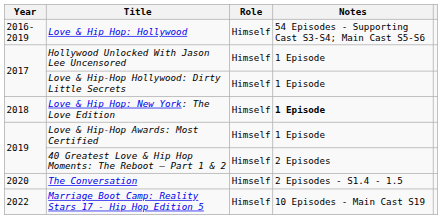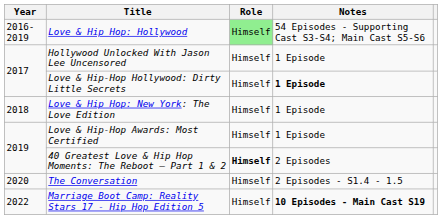 <table class="wikitable">
 <tr>
 <th scope="col">Year</th>
 <th scope="col">Title</th>
 <th scope="col">Role</th>
 <th scope="col">Notes</th>
 <th scope="col"></th>
 </tr>
 <tr>
 <td>2016-2019</td>
 <td><em><a href='#'>Love & Hip Hop: Hollywood</a></em></td>
-<td>Himself</td>
+<td style="background: lightgreen;">Himself</td>
 <td>54 Episodes - Supporting Cast S3-S4; Main Cast S5-S6</td>
 <td style="text-align: center;"></td>
 </tr>
 <tr>
 <td rowspan="2">2017</td>
 <td><em>Hollywood Unlocked With Jason Lee Uncensored</em></td>
 <td>Himself</td>
 <td>1 Episode</td>
 <td style="text-align: center;"></td>
 </tr>
 <tr>
 <td><em>Love & Hip-Hop Hollywood: Dirty Little Secrets</em></td>
 <td>Himself</td>
-<td>1 Episode</td>
+<td><strong>1 Episode</strong></td>
 <td style="text-align: center;"></td>
 </tr>
 <tr>
 <td>2018</td>
 <td><em><a href='#'>Love & Hip Hop: New York</a>: The Love Edition</em></td>
 <td>Himself</td>
-<td><strong>1 Episode</strong></td>
+<td>1 Episode</td>
 <td style="text-align: center;"></td>
 </tr>
 <tr>
 <td rowspan="2">2019</td>
 <td><em>Love & Hip-Hop Awards: Most Certified</em></td>
 <td>Himself</td>
 <td>1 Episode</td>
 <td style="text-align: center;"></td>
 </tr>
 <tr>
 <td><em>40 Greatest Love & Hip Hop Moments: The Reboot – Part 1 & 2</em></td>
-<td>Himself</td>
+<td><strong>Himself</strong></td>
 <td>2 Episodes</td>
 <td style="text-align: center;"></td>
 </tr>
 <tr>
 <td>2020</td>
 <td><em><a href='#'>The Conversation</a></em></td>
 <td>Himself</td>
 <td>2 Episodes - S1.4 - 1.5</td>
 <td style="text-align: center;"></td>
 </tr>
 <tr>
 <td>2022</td>
 <td><em><a href='#'>Marriage Boot Camp: Reality Stars 17 - Hip Hop Edition 5</a></em></td>
 <td>Himself</td>
-<td>10 Episodes - Main Cast S19</td>
+<td><strong>10 Episodes - Main Cast S19</strong></td>
 <td style="text-align: center;"></td>
 </tr>
 </table>
